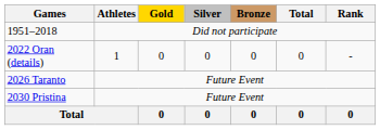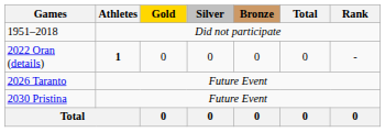 <table class="wikitable" style="text-align:center; font-size:98%;">
 <tr>
 <th width=120px>Games</th>
 <th>Athletes</th>
 <td style="background:gold; width:3.7em; font-weight:bold;">Gold</td>
 <td style="background:silver; width:3.7em; font-weight:bold;">Silver</td>
 <td style="background:#c96; width:3.7em; font-weight:bold;">Bronze</td>
 <th style="width:4em; font-weight:bold;">Total</th>
 <th style="width:4em; font-weight:bold;">Rank</th>
 </tr>
 <tr>
 <td align=left>1951–2018</td>
 <td colspan=6><em>Did not participate</em></td>
 </tr>
 <tr>
 <td align=left> <a href='#'>2022 Oran</a> (<a href='#'>details</a>)</td>
-<td>1</td>
+<td><strong>1</strong></td>
 <td>0</td>
 <td>0</td>
 <td>0</td>
 <td>0</td>
 <td>-</td>
 </tr>
 <tr>
 <td align=left> <a href='#'>2026 Taranto</a></td>
 <td colspan=6><em>Future Event</em></td>
 </tr>
 <tr>
 <td align=left> <a href='#'>2030 Pristina</a></td>
 <td colspan=6><em>Future Event</em></td>
 </tr>
 <tr>
 <th colspan=2>Total</th>
 <th>0</th>
 <th>0</th>
 <th>0</th>
 <th>0</th>
 <th>0</th>
 </tr>
 </table>
